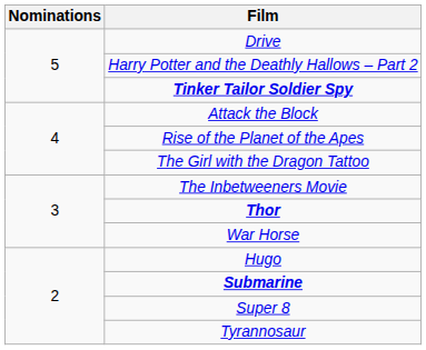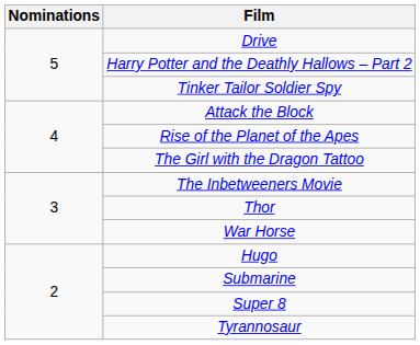 <table class="wikitable" style="text-align: center">
 <tr>
 <th scope="col" width="55">Nominations</th>
 <th scope="col">Film</th>
 </tr>
 <tr>
 <td rowspan=3>5</td>
 <td><em><a href='#'>Drive</a></em></td>
 </tr>
 <tr>
 <td><em><a href='#'>Harry Potter and the Deathly Hallows – Part 2</a></em></td>
 </tr>
 <tr>
-<td><strong><em><a href='#'>Tinker Tailor Soldier Spy</a></em></strong></td>
+<td><em><a href='#'>Tinker Tailor Soldier Spy</a></em></td>
 </tr>
 <tr>
 <td rowspan=3>4</td>
 <td><em><a href='#'>Attack the Block</a></em></td>
 </tr>
 <tr>
 <td><em><a href='#'>Rise of the Planet of the Apes</a></em></td>
 </tr>
 <tr>
 <td><em><a href='#'>The Girl with the Dragon Tattoo</a></em></td>
 </tr>
 <tr>
 <td rowspan=3>3</td>
 <td><em><a href='#'>The Inbetweeners Movie</a></em></td>
 </tr>
 <tr>
-<td><strong><em><a href='#'>Thor</a></em></strong></td>
+<td><em><a href='#'>Thor</a></em></td>
 </tr>
 <tr>
 <td><em><a href='#'>War Horse</a></em></td>
 </tr>
 <tr>
 <td rowspan=7>2</td>
 <td><em><a href='#'>Hugo</a></em></td>
 </tr>
 <tr>
-<td><strong><em><a href='#'>Submarine</a></em></strong></td>
+<td><em><a href='#'>Submarine</a></em></td>
 </tr>
 <tr>
 <td><em><a href='#'>Super 8</a></em></td>
 </tr>
 <tr>
 <td><em><a href='#'>Tyrannosaur</a></em></td>
 </tr>
 </table>
